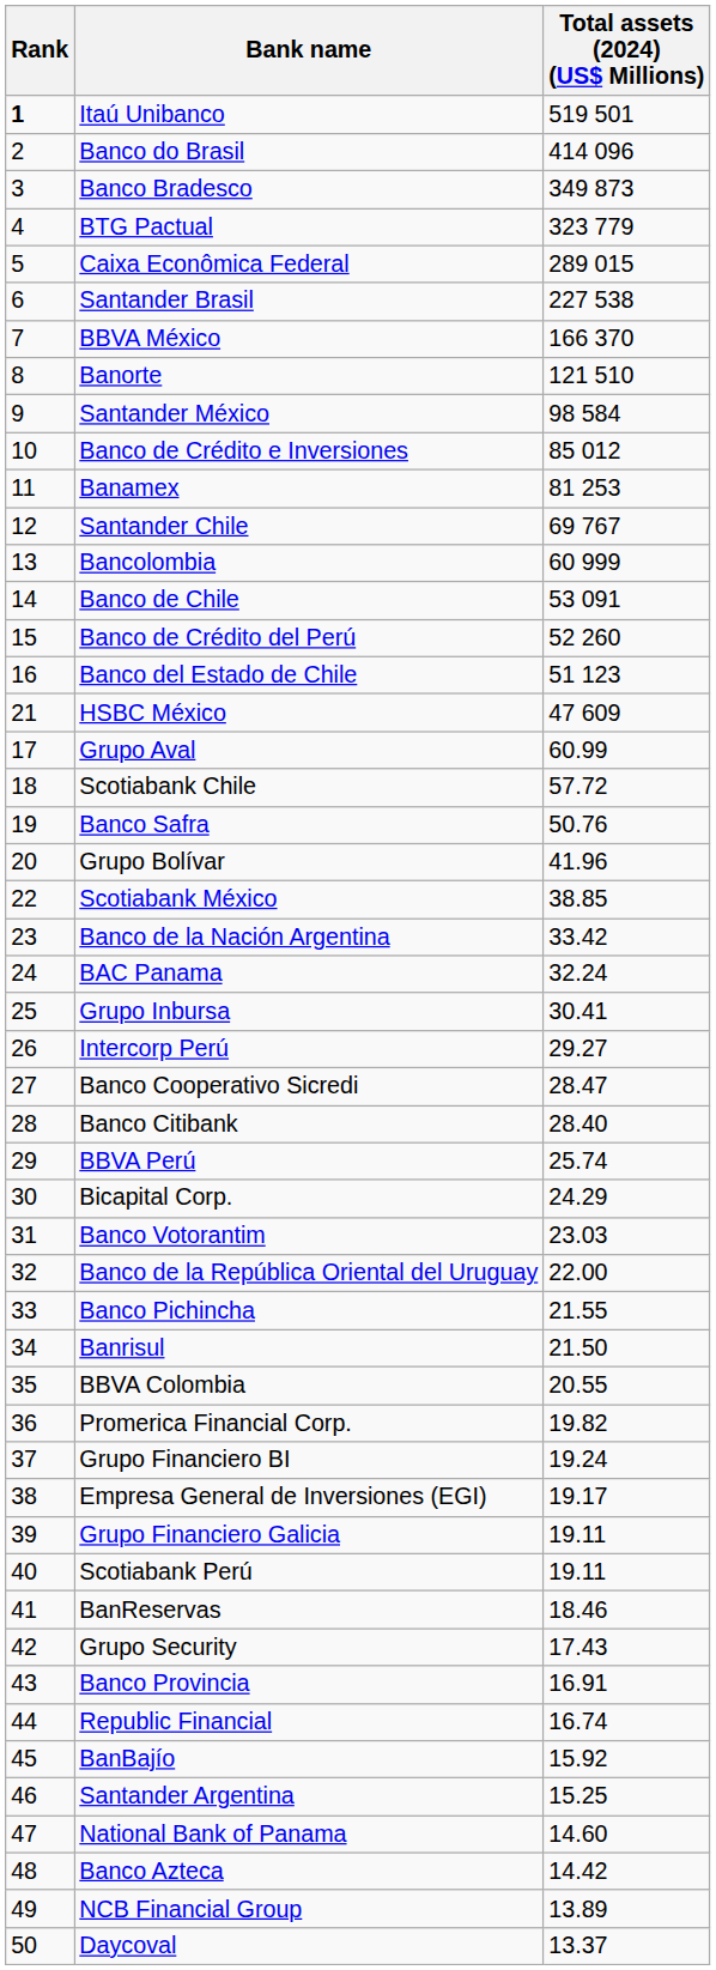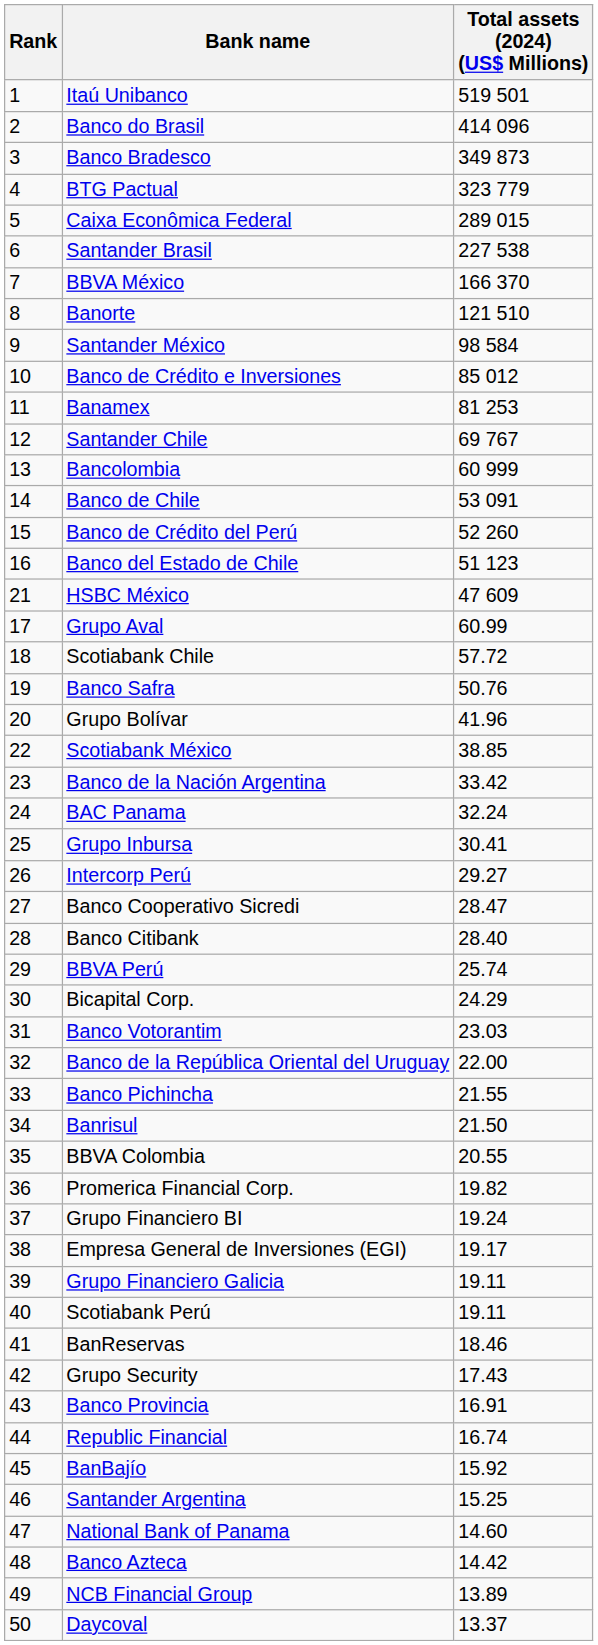 <table class="wikitable sortable mw-collapsible">
 <tr>
 <th data-sort-type="number">Rank</th>
 <th>Bank name</th>
 <th>Total assets<br>(2024)<br>(<a href='#'>US$</a> Millions)</th>
 </tr>
 <tr>
-<td><strong>1</strong></td>
+<td>1</td>
 <td> <a href='#'>Itaú Unibanco</a></td>
 <td>519 501</td>
 </tr>
 <tr>
 <td>2</td>
 <td> <a href='#'>Banco do Brasil</a></td>
 <td>414 096</td>
 </tr>
 <tr>
 <td>3</td>
 <td> <a href='#'>Banco Bradesco</a></td>
 <td>349 873</td>
 </tr>
 <tr>
 <td>4</td>
 <td> <a href='#'>BTG Pactual</a></td>
 <td>323 779</td>
 </tr>
 <tr>
 <td>5</td>
 <td> <a href='#'>Caixa Econômica Federal</a></td>
 <td>289 015</td>
 </tr>
 <tr>
 <td>6</td>
 <td> <a href='#'>Santander Brasil</a></td>
 <td>227 538</td>
 </tr>
 <tr>
 <td>7</td>
 <td> <a href='#'>BBVA México</a></td>
 <td>166 370</td>
 </tr>
 <tr>
 <td>8</td>
 <td> <a href='#'>Banorte</a></td>
 <td>121 510</td>
 </tr>
 <tr>
 <td>9</td>
 <td> <a href='#'>Santander México</a></td>
 <td>98 584</td>
 </tr>
 <tr>
 <td>10</td>
 <td> <a href='#'>Banco de Crédito e Inversiones</a></td>
 <td>85 012</td>
 </tr>
 <tr>
 <td>11</td>
 <td> <a href='#'>Banamex</a></td>
 <td>81 253</td>
 </tr>
 <tr>
 <td>12</td>
 <td> <a href='#'>Santander Chile</a></td>
 <td>69 767</td>
 </tr>
 <tr>
 <td>13</td>
 <td> <a href='#'>Bancolombia</a></td>
 <td>60 999</td>
 </tr>
 <tr>
 <td>14</td>
 <td> <a href='#'>Banco de Chile</a></td>
 <td>53 091</td>
 </tr>
 <tr>
 <td>15</td>
 <td> <a href='#'>Banco de Crédito del Perú</a></td>
 <td>52 260</td>
 </tr>
 <tr>
 <td>16</td>
 <td> <a href='#'>Banco del Estado de Chile</a></td>
 <td>51 123</td>
 </tr>
 <tr>
 <td>21</td>
 <td> <a href='#'>HSBC México</a></td>
 <td>47 609</td>
 </tr>
 <tr>
 <td>17</td>
 <td> <a href='#'>Grupo Aval</a></td>
 <td>60.99</td>
 </tr>
 <tr>
 <td>18</td>
 <td> Scotiabank Chile</td>
 <td>57.72</td>
 </tr>
 <tr>
 <td>19</td>
 <td> <a href='#'>Banco Safra</a></td>
 <td>50.76</td>
 </tr>
 <tr>
 <td>20</td>
 <td> Grupo Bolívar</td>
 <td>41.96</td>
 </tr>
 <tr>
 <td>22</td>
 <td> <a href='#'>Scotiabank México</a></td>
 <td>38.85</td>
 </tr>
 <tr>
 <td>23</td>
 <td> <a href='#'>Banco de la Nación Argentina</a></td>
 <td>33.42</td>
 </tr>
 <tr>
 <td>24</td>
 <td> <a href='#'>BAC Panama</a></td>
 <td>32.24</td>
 </tr>
 <tr>
 <td>25</td>
 <td> <a href='#'>Grupo Inbursa</a></td>
 <td>30.41</td>
 </tr>
 <tr>
 <td>26</td>
 <td> <a href='#'>Intercorp Perú</a></td>
 <td>29.27</td>
 </tr>
 <tr>
 <td>27</td>
 <td> Banco Cooperativo Sicredi</td>
 <td>28.47</td>
 </tr>
 <tr>
 <td>28</td>
 <td> Banco Citibank</td>
 <td>28.40</td>
 </tr>
 <tr>
 <td>29</td>
 <td> <a href='#'>BBVA Perú</a></td>
 <td>25.74</td>
 </tr>
 <tr>
 <td>30</td>
 <td> Bicapital Corp.</td>
 <td>24.29</td>
 </tr>
 <tr>
 <td>31</td>
 <td> <a href='#'>Banco Votorantim</a></td>
 <td>23.03</td>
 </tr>
 <tr>
 <td>32</td>
 <td> <a href='#'>Banco de la República Oriental del Uruguay</a></td>
 <td>22.00</td>
 </tr>
 <tr>
 <td>33</td>
 <td> <a href='#'>Banco Pichincha</a></td>
 <td>21.55</td>
 </tr>
 <tr>
 <td>34</td>
 <td> <a href='#'>Banrisul</a></td>
 <td>21.50</td>
 </tr>
 <tr>
 <td>35</td>
 <td> BBVA Colombia</td>
 <td>20.55</td>
 </tr>
 <tr>
 <td>36</td>
 <td> Promerica Financial Corp.</td>
 <td>19.82</td>
 </tr>
 <tr>
 <td>37</td>
 <td> Grupo Financiero BI</td>
 <td>19.24</td>
 </tr>
 <tr>
 <td>38</td>
 <td> Empresa General de Inversiones (EGI)</td>
 <td>19.17</td>
 </tr>
 <tr>
 <td>39</td>
 <td> <a href='#'>Grupo Financiero Galicia</a></td>
 <td>19.11</td>
 </tr>
 <tr>
 <td>40</td>
 <td> Scotiabank Perú</td>
 <td>19.11</td>
 </tr>
 <tr>
 <td>41</td>
 <td> BanReservas</td>
 <td>18.46</td>
 </tr>
 <tr>
 <td>42</td>
 <td> Grupo Security</td>
 <td>17.43</td>
 </tr>
 <tr>
 <td>43</td>
 <td> <a href='#'>Banco Provincia</a></td>
 <td>16.91</td>
 </tr>
 <tr>
 <td>44</td>
 <td> <a href='#'>Republic Financial</a></td>
 <td>16.74</td>
 </tr>
 <tr>
 <td>45</td>
 <td> <a href='#'>BanBajío</a></td>
 <td>15.92</td>
 </tr>
 <tr>
 <td>46</td>
 <td> <a href='#'>Santander Argentina</a></td>
 <td>15.25</td>
 </tr>
 <tr>
 <td>47</td>
 <td> <a href='#'>National Bank of Panama</a></td>
 <td>14.60</td>
 </tr>
 <tr>
 <td>48</td>
 <td> <a href='#'>Banco Azteca</a></td>
 <td>14.42</td>
 </tr>
 <tr>
 <td>49</td>
 <td> <a href='#'>NCB Financial Group</a></td>
 <td>13.89</td>
 </tr>
 <tr>
 <td>50</td>
 <td> <a href='#'>Daycoval</a></td>
 <td>13.37</td>
 </tr>
 </table>
